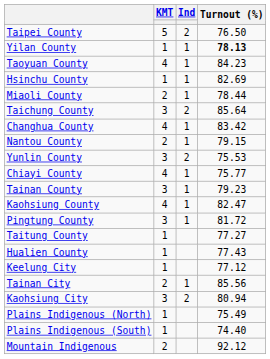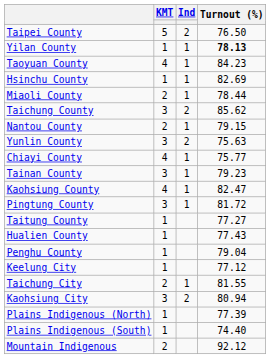 <table class="wikitable" style="text-align:center;">
 <tr>
 <th rowspan="2"></th>
 <th><a href='#'>KMT</a></th>
 <th><a href='#'>Ind</a></th>
 <th rowspan="2">Turnout (%)</th>
 </tr>
 <tr>
 <th style="background:"></th>
 <th style="background:"></th>
 </tr>
 <tr>
 <td align="left"><a href='#'>Taipei County</a></td>
 <td>5</td>
 <td>2</td>
 <td>76.50</td>
 </tr>
 <tr>
 <td align="left"><a href='#'>Yilan County</a></td>
 <td>1</td>
 <td>1</td>
 <td><strong>78.13</strong></td>
 </tr>
 <tr>
 <td align="left"><a href='#'>Taoyuan County</a></td>
 <td>4</td>
 <td>1</td>
 <td>84.23</td>
 </tr>
 <tr>
 <td align="left"><a href='#'>Hsinchu County</a></td>
 <td>1</td>
 <td>1</td>
 <td>82.69</td>
 </tr>
 <tr>
 <td align="left"><a href='#'>Miaoli County</a></td>
 <td>2</td>
 <td>1</td>
 <td>78.44</td>
 </tr>
 <tr>
 <td align="left"><a href='#'>Taichung County</a></td>
 <td>3</td>
 <td>2</td>
-<td>85.64</td>
-</tr>
-<tr>
-<td align="left"><a href='#'>Changhua County</a></td>
-<td>4</td>
-<td>1</td>
-<td>83.42</td>
+<td>85.62</td>
 </tr>
 <tr>
 <td align="left"><a href='#'>Nantou County</a></td>
 <td>2</td>
 <td>1</td>
 <td>79.15</td>
 </tr>
 <tr>
 <td align="left"><a href='#'>Yunlin County</a></td>
 <td>3</td>
 <td>2</td>
-<td>75.53</td>
+<td>75.63</td>
 </tr>
 <tr>
 <td align="left"><a href='#'>Chiayi County</a></td>
 <td>4</td>
 <td>1</td>
 <td>75.77</td>
 </tr>
 <tr>
 <td align="left"><a href='#'>Tainan County</a></td>
 <td>3</td>
 <td>1</td>
 <td>79.23</td>
 </tr>
 <tr>
 <td align="left"><a href='#'>Kaohsiung County</a></td>
 <td>4</td>
 <td>1</td>
 <td>82.47</td>
 </tr>
 <tr>
 <td align="left"><a href='#'>Pingtung County</a></td>
 <td>3</td>
 <td>1</td>
 <td>81.72</td>
 </tr>
 <tr>
 <td align="left"><a href='#'>Taitung County</a></td>
 <td>1</td>
 <td></td>
 <td>77.27</td>
 </tr>
 <tr>
 <td align="left"><a href='#'>Hualien County</a></td>
 <td>1</td>
 <td></td>
 <td>77.43</td>
 </tr>
 <tr>
+<td align="left"><a href='#'>Penghu County</a></td>
+<td>1</td>
+<td></td>
+<td>79.04</td>
+</tr>
+<tr>
 <td align="left"><a href='#'>Keelung City</a></td>
 <td>1</td>
 <td></td>
 <td>77.12</td>
 </tr>
 <tr>
-<td align="left"><a href='#'>Tainan City</a></td>
+<td align="left"><a href='#'>Taichung City</a></td>
 <td>2</td>
 <td>1</td>
-<td>85.56</td>
+<td>81.55</td>
 </tr>
 <tr>
 <td align="left"><a href='#'>Kaohsiung City</a></td>
 <td>3</td>
 <td>2</td>
 <td>80.94</td>
 </tr>
 <tr>
 <td align="left"><a href='#'>Plains Indigenous (North)</a></td>
 <td>1</td>
 <td></td>
-<td>75.49</td>
+<td>77.39</td>
 </tr>
 <tr>
 <td align="left"><a href='#'>Plains Indigenous (South)</a></td>
 <td>1</td>
 <td></td>
 <td>74.40</td>
 </tr>
 <tr>
 <td align="left"><a href='#'>Mountain Indigenous</a></td>
 <td>2</td>
 <td></td>
 <td>92.12</td>
 </tr>
 </table>
